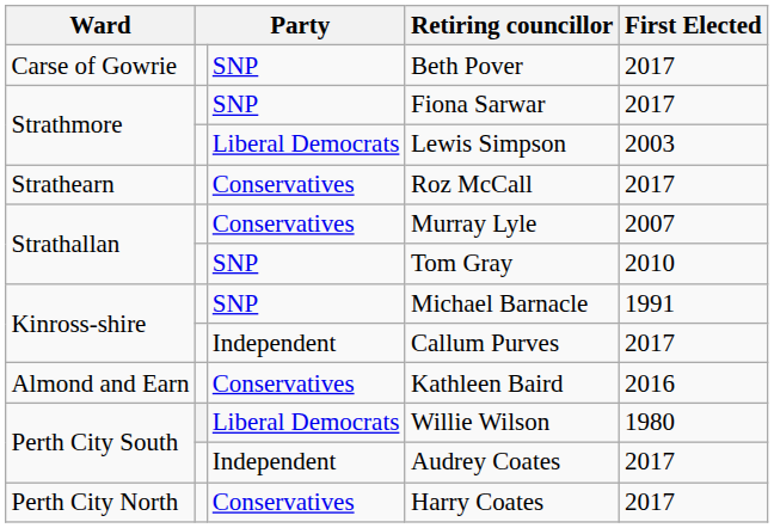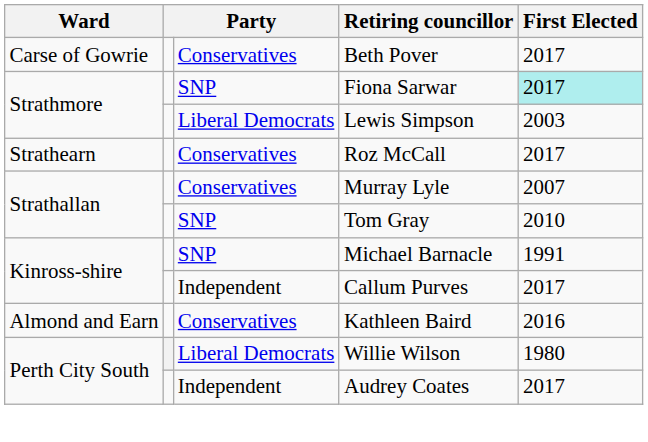 <table class="wikitable sortable">
 <tr>
 <th>Ward</th>
 <th colspan="2">Party</th>
 <th>Retiring councillor</th>
 <th>First Elected</th>
 </tr>
 <tr>
 <td>Carse of Gowrie</td>
 <td style="background-color: "></td>
-<td><a href='#'>SNP</a></td>
+<td><a href='#'>Conservatives</a></td>
 <td>Beth Pover</td>
 <td>2017</td>
 </tr>
 <tr>
 <td rowspan="2">Strathmore</td>
 <td style="background-color: "></td>
 <td><a href='#'>SNP</a></td>
 <td>Fiona Sarwar</td>
-<td>2017</td>
+<td style="background: paleturquoise;">2017</td>
 </tr>
 <tr>
 <td style="background-color: "></td>
 <td><a href='#'>Liberal Democrats</a></td>
 <td>Lewis Simpson</td>
 <td>2003</td>
 </tr>
 <tr>
 <td>Strathearn</td>
 <td style="background-color: "></td>
 <td><a href='#'>Conservatives</a></td>
 <td>Roz McCall</td>
 <td>2017</td>
 </tr>
 <tr>
 <td rowspan="2">Strathallan</td>
 <td style="background-color: "></td>
 <td><a href='#'>Conservatives</a></td>
 <td>Murray Lyle</td>
 <td>2007</td>
 </tr>
 <tr>
 <td style="background-color: "></td>
 <td><a href='#'>SNP</a></td>
 <td>Tom Gray</td>
 <td>2010</td>
 </tr>
 <tr>
 <td rowspan="2">Kinross-shire</td>
 <td style="background-color: "></td>
 <td><a href='#'>SNP</a></td>
 <td>Michael Barnacle</td>
 <td>1991</td>
 </tr>
 <tr>
 <td style="background-color: "></td>
 <td>Independent</td>
 <td>Callum Purves</td>
 <td>2017</td>
 </tr>
 <tr>
 <td>Almond and Earn</td>
 <td style="background-color: "></td>
 <td><a href='#'>Conservatives</a></td>
 <td>Kathleen Baird</td>
 <td>2016</td>
 </tr>
 <tr>
 <td rowspan="2">Perth City South</td>
 <th style="background-color: "></th>
 <td><a href='#'>Liberal Democrats</a></td>
 <td>Willie Wilson</td>
 <td>1980</td>
 </tr>
 <tr>
 <td style="background-color: "></td>
 <td>Independent</td>
 <td>Audrey Coates</td>
 <td>2017</td>
 </tr>
-<tr>
-<td>Perth City North</td>
-<td style="background-color: "></td>
-<td><a href='#'>Conservatives</a></td>
-<td>Harry Coates</td>
-<td>2017</td>
-</tr>
 </table>
